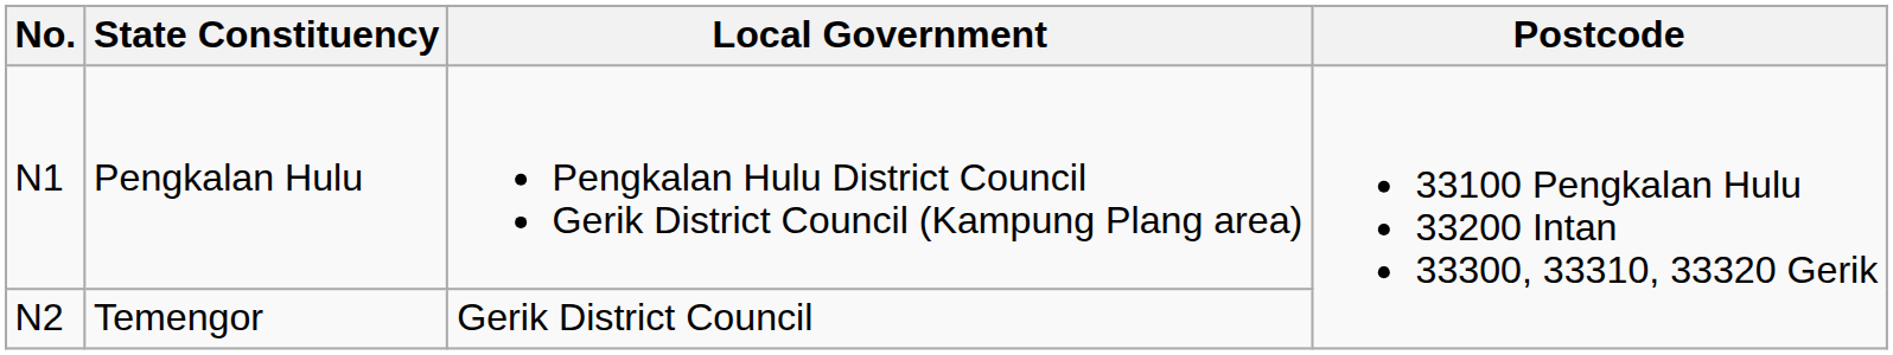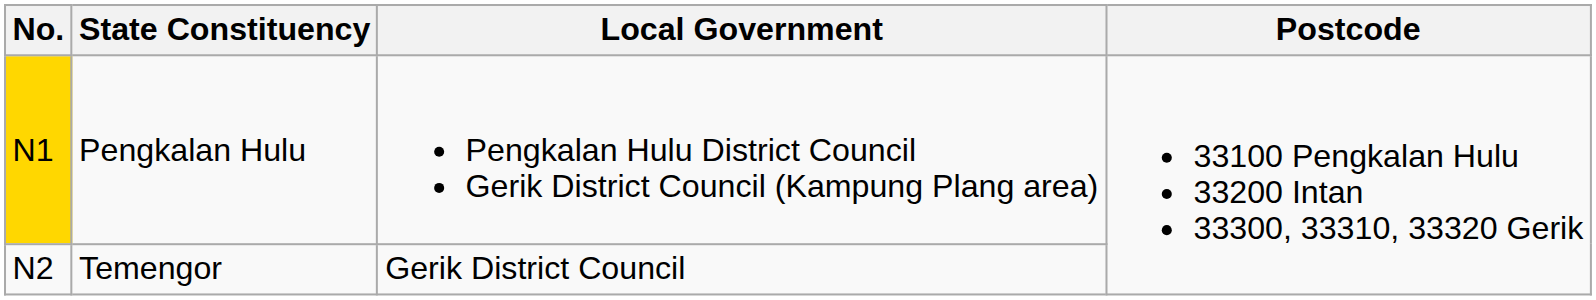 <table class="wikitable">
 <tr>
 <th>No.</th>
 <th>State Constituency</th>
 <th>Local Government</th>
 <th>Postcode</th>
 </tr>
 <tr>
-<td>N1</td>
+<td style="background: gold;">N1</td>
 <td>Pengkalan Hulu</td>
 <td><br><ul><li>Pengkalan Hulu District Council</li><li>Gerik District Council (Kampung Plang area)</li></ul></td>
 <td rowspan="2"><br><ul><li>33100 Pengkalan Hulu</li><li>33200 Intan</li><li>33300, 33310, 33320 Gerik</li></ul></td>
 </tr>
 <tr>
 <td>N2</td>
 <td>Temengor</td>
 <td>Gerik District Council</td>
 </tr>
 </table>
